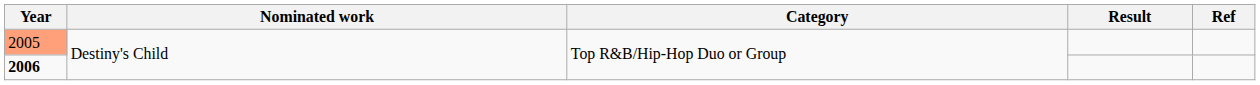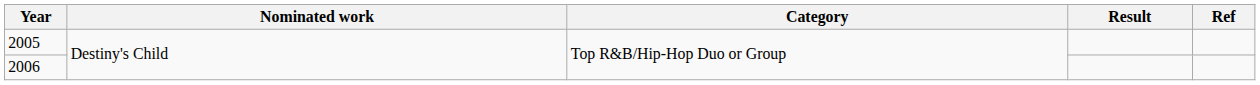 <table class="wikitable" width="100%">
 <tr>
 <th width="5%">Year</th>
 <th width="40%">Nominated work</th>
 <th width="40%">Category</th>
 <th width="10%">Result</th>
 <th width="5%">Ref</th>
 </tr>
 <tr>
-<td style="background: lightsalmon;">2005</td>
+<td>2005</td>
 <td rowspan="2">Destiny's Child</td>
 <td rowspan="2">Top R&B/Hip-Hop Duo or Group</td>
 <td></td>
 <td></td>
 </tr>
 <tr>
-<td><strong>2006</strong></td>
+<td>2006</td>
 <td></td>
 <td></td>
 </tr>
 </table>
